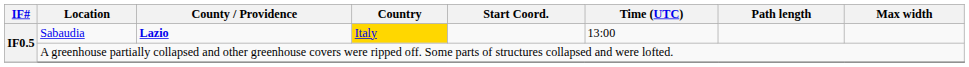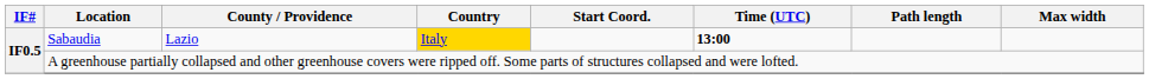 <table class="wikitable sortable" style="width:100%;">
 <tr>
 <th scope="col" width="2%" align="center"><a href='#'>IF#</a></th>
 <th scope="col" align="center" class="unsortable">Location</th>
 <th scope="col" align="center" class="unsortable">County / Providence</th>
 <th scope="col" align="center">Country</th>
 <th scope="col" align="center">Start Coord.</th>
 <th scope="col" align="center">Time (<a href='#'>UTC</a>)</th>
 <th scope="col" align="center">Path length</th>
 <th scope="col" align="center">Max width</th>
 </tr>
 <tr>
 <th scope="row" rowspan="2" style="background-color:#">IF0.5</th>
 <td><a href='#'>Sabaudia</a></td>
-<td><strong><a href='#'>Lazio</a></strong></td>
+<td><a href='#'>Lazio</a></td>
 <td style="background: gold;"><a href='#'>Italy</a></td>
 <td></td>
-<td>13:00</td>
+<td><strong>13:00</strong></td>
 <td></td>
 <td></td>
 </tr>
 <tr class="expand-child">
 <td colspan="8" style=" border-bottom: 1px solid black;">A greenhouse partially collapsed and other greenhouse covers were ripped off. Some parts of structures collapsed and were lofted.</td>
 </tr>
 <tr>
 </tr>
 </table>
